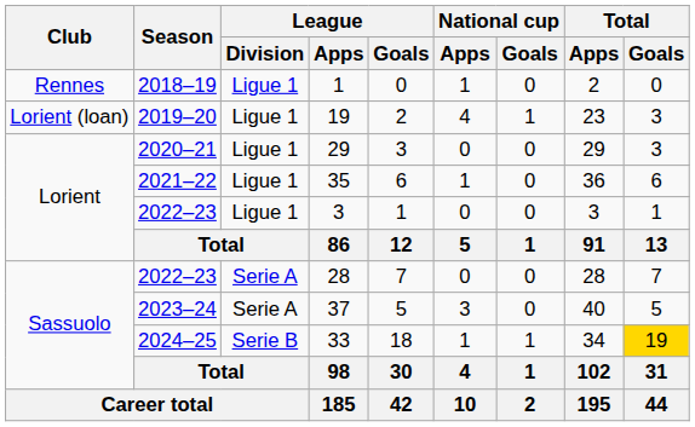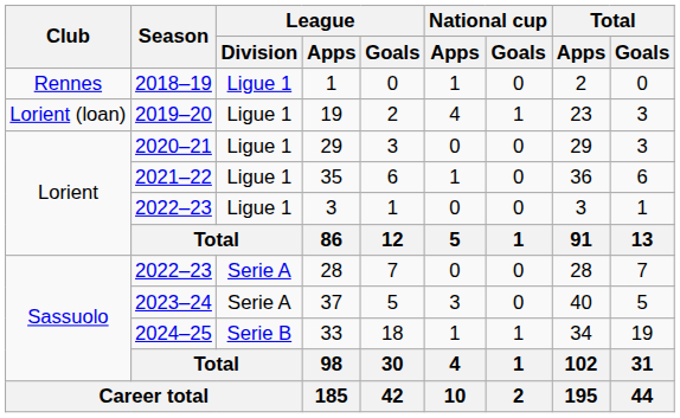 <table class="wikitable" style="text-align: center">
 <tr>
 <th rowspan="2">Club</th>
 <th rowspan="2">Season</th>
 <th colspan="3">League</th>
 <th colspan="2">National cup</th>
 <th colspan="2">Total</th>
 </tr>
 <tr>
 <th>Division</th>
 <th>Apps</th>
 <th>Goals</th>
 <th>Apps</th>
 <th>Goals</th>
 <th>Apps</th>
 <th>Goals</th>
 </tr>
 <tr>
 <td><a href='#'>Rennes</a></td>
 <td><a href='#'>2018–19</a></td>
 <td><a href='#'>Ligue 1</a></td>
 <td>1</td>
 <td>0</td>
 <td>1</td>
 <td>0</td>
 <td>2</td>
 <td>0</td>
 </tr>
 <tr>
 <td><a href='#'>Lorient</a> (loan)</td>
 <td><a href='#'>2019–20</a></td>
 <td>Ligue 1</td>
 <td>19</td>
 <td>2</td>
 <td>4</td>
 <td>1</td>
 <td>23</td>
 <td>3</td>
 </tr>
 <tr>
 <td rowspan="4">Lorient</td>
 <td><a href='#'>2020–21</a></td>
 <td>Ligue 1</td>
 <td>29</td>
 <td>3</td>
 <td>0</td>
 <td>0</td>
 <td>29</td>
 <td>3</td>
 </tr>
 <tr>
 <td><a href='#'>2021–22</a></td>
 <td>Ligue 1</td>
 <td>35</td>
 <td>6</td>
 <td>1</td>
 <td>0</td>
 <td>36</td>
 <td>6</td>
 </tr>
 <tr>
 <td><a href='#'>2022–23</a></td>
 <td>Ligue 1</td>
 <td>3</td>
 <td>1</td>
 <td>0</td>
 <td>0</td>
 <td>3</td>
 <td>1</td>
 </tr>
 <tr>
 <th colspan="2">Total</th>
 <th>86</th>
 <th>12</th>
 <th>5</th>
 <th>1</th>
 <th>91</th>
 <th>13</th>
 </tr>
 <tr>
 <td rowspan="4"><a href='#'>Sassuolo</a></td>
 <td><a href='#'>2022–23</a></td>
 <td><a href='#'>Serie A</a></td>
 <td>28</td>
 <td>7</td>
 <td>0</td>
 <td>0</td>
 <td>28</td>
 <td>7</td>
 </tr>
 <tr>
 <td><a href='#'>2023–24</a></td>
 <td>Serie A</td>
 <td>37</td>
 <td>5</td>
 <td>3</td>
 <td>0</td>
 <td>40</td>
 <td>5</td>
 </tr>
 <tr>
 <td><a href='#'>2024–25</a></td>
 <td><a href='#'>Serie B</a></td>
 <td>33</td>
 <td>18</td>
 <td>1</td>
 <td>1</td>
 <td>34</td>
-<td style="background: gold;">19</td>
+<td>19</td>
 </tr>
 <tr>
 <th colspan="2">Total</th>
 <th>98</th>
 <th>30</th>
 <th>4</th>
 <th>1</th>
 <th>102</th>
 <th>31</th>
 </tr>
 <tr>
 <th colspan="3">Career total</th>
 <th>185</th>
 <th>42</th>
 <th>10</th>
 <th>2</th>
 <th>195</th>
 <th>44</th>
 </tr>
 </table>
